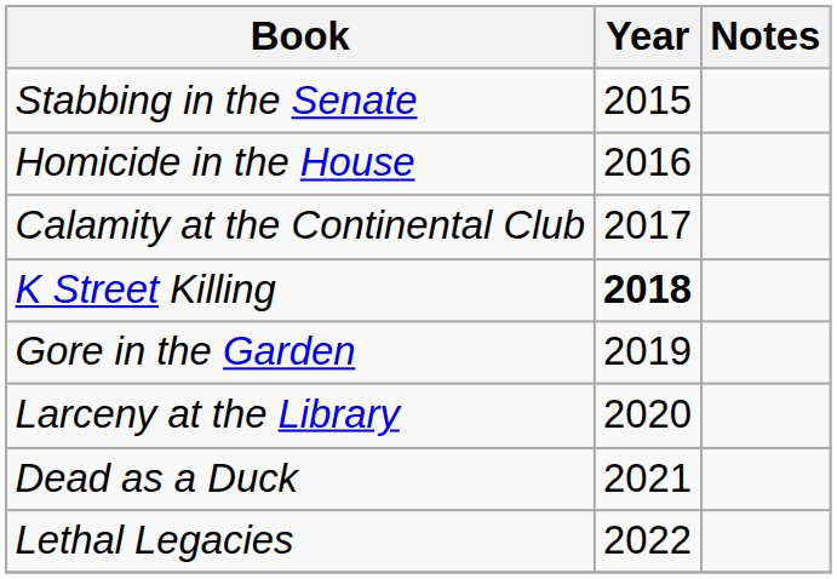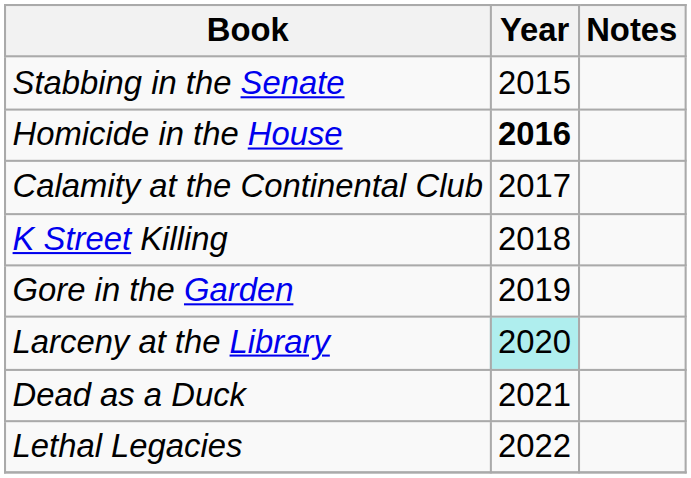 <table class="wikitable">
 <tr>
 <th>Book</th>
 <th>Year</th>
 <th>Notes</th>
 </tr>
 <tr>
 <td><em>Stabbing in the <a href='#'>Senate</a></em></td>
 <td>2015</td>
 <td></td>
 </tr>
 <tr>
 <td><em>Homicide in the <a href='#'>House</a></em></td>
-<td>2016</td>
+<td><strong>2016</strong></td>
 <td></td>
 </tr>
 <tr>
 <td><em>Calamity at the Continental Club</em></td>
 <td>2017</td>
 <td></td>
 </tr>
 <tr>
 <td><em><a href='#'>K Street</a> Killing</em></td>
-<td><strong>2018</strong></td>
+<td>2018</td>
 <td></td>
 </tr>
 <tr>
 <td><em>Gore in the <a href='#'>Garden</a></em></td>
 <td>2019</td>
 <td></td>
 </tr>
 <tr>
 <td><em>Larceny at the <a href='#'>Library</a></em></td>
-<td>2020</td>
+<td style="background: paleturquoise;">2020</td>
 <td></td>
 </tr>
 <tr>
 <td><em>Dead as a Duck</em></td>
 <td>2021</td>
 <td></td>
 </tr>
 <tr>
 <td><em>Lethal Legacies</em></td>
 <td>2022</td>
 <td></td>
 </tr>
 <tr>
 </tr>
 </table>
